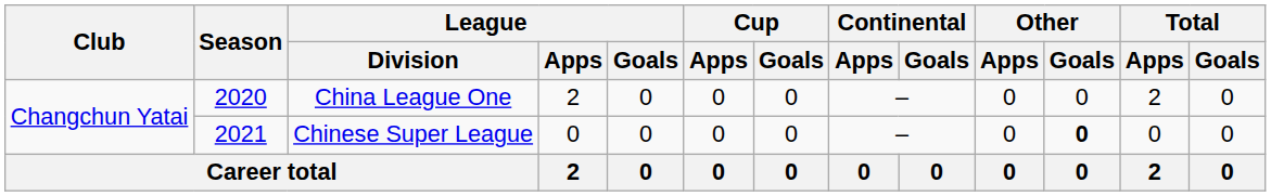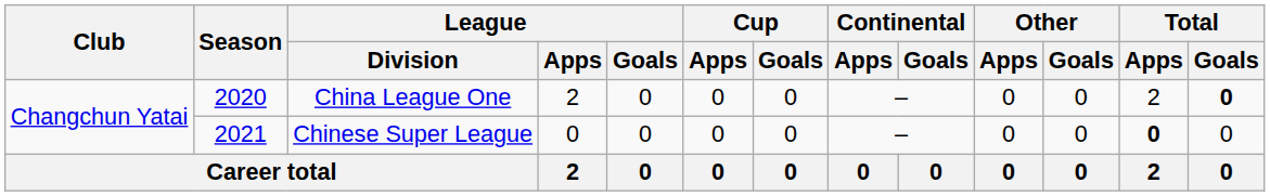 <table class="wikitable" style="text-align: center">
 <tr>
 <th rowspan="2">Club</th>
 <th rowspan="2">Season</th>
 <th colspan="3">League</th>
 <th colspan="2">Cup</th>
 <th colspan="2">Continental</th>
 <th colspan="2">Other</th>
 <th colspan="2">Total</th>
 </tr>
 <tr>
 <th>Division</th>
 <th>Apps</th>
 <th>Goals</th>
 <th>Apps</th>
 <th>Goals</th>
 <th>Apps</th>
 <th>Goals</th>
 <th>Apps</th>
 <th>Goals</th>
 <th>Apps</th>
 <th>Goals</th>
 </tr>
 <tr>
 <td rowspan="2"><a href='#'>Changchun Yatai</a></td>
 <td><a href='#'>2020</a></td>
 <td><a href='#'>China League One</a></td>
 <td>2</td>
 <td>0</td>
 <td>0</td>
 <td>0</td>
 <td colspan="2">–</td>
 <td>0</td>
 <td>0</td>
 <td>2</td>
-<td>0</td>
+<td><strong>0</strong></td>
 </tr>
 <tr>
 <td><a href='#'>2021</a></td>
 <td><a href='#'>Chinese Super League</a></td>
 <td>0</td>
 <td>0</td>
 <td>0</td>
 <td>0</td>
 <td colspan="2">–</td>
 <td>0</td>
+<td>0</td>
 <td><strong>0</strong></td>
-<td>0</td>
 <td>0</td>
 </tr>
 <tr>
 <th colspan=3>Career total</th>
 <th>2</th>
 <th>0</th>
 <th>0</th>
 <th>0</th>
 <th>0</th>
 <th>0</th>
 <th>0</th>
 <th>0</th>
 <th>2</th>
 <th>0</th>
 </tr>
 </table>
